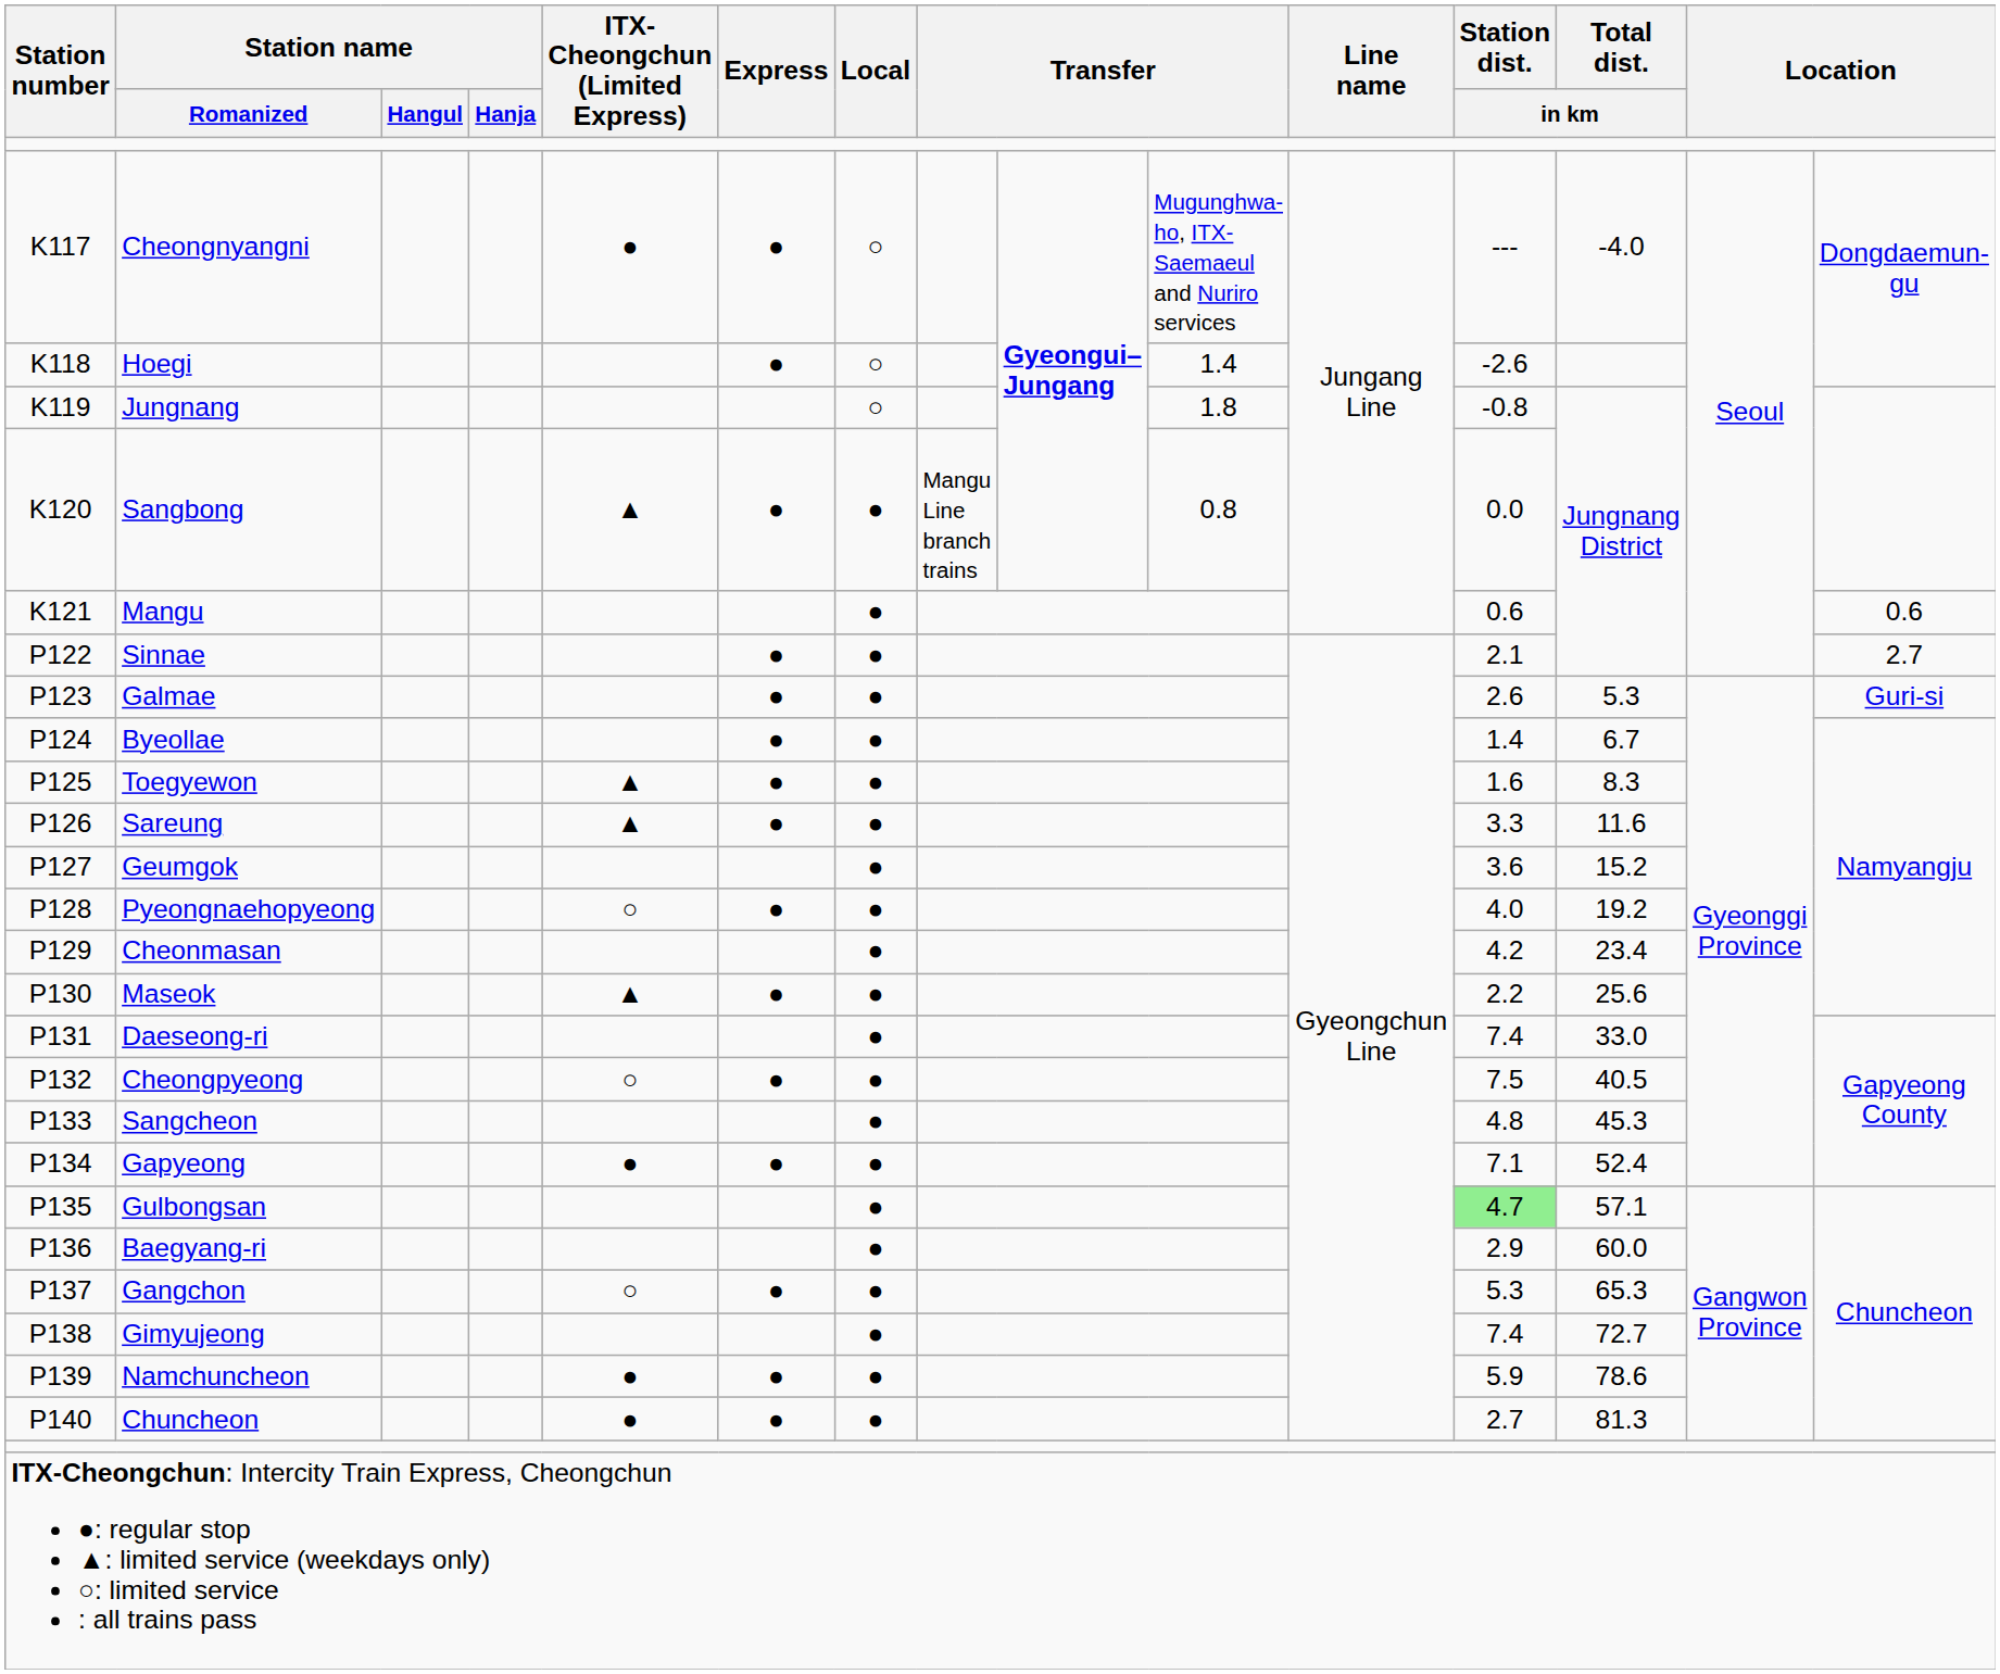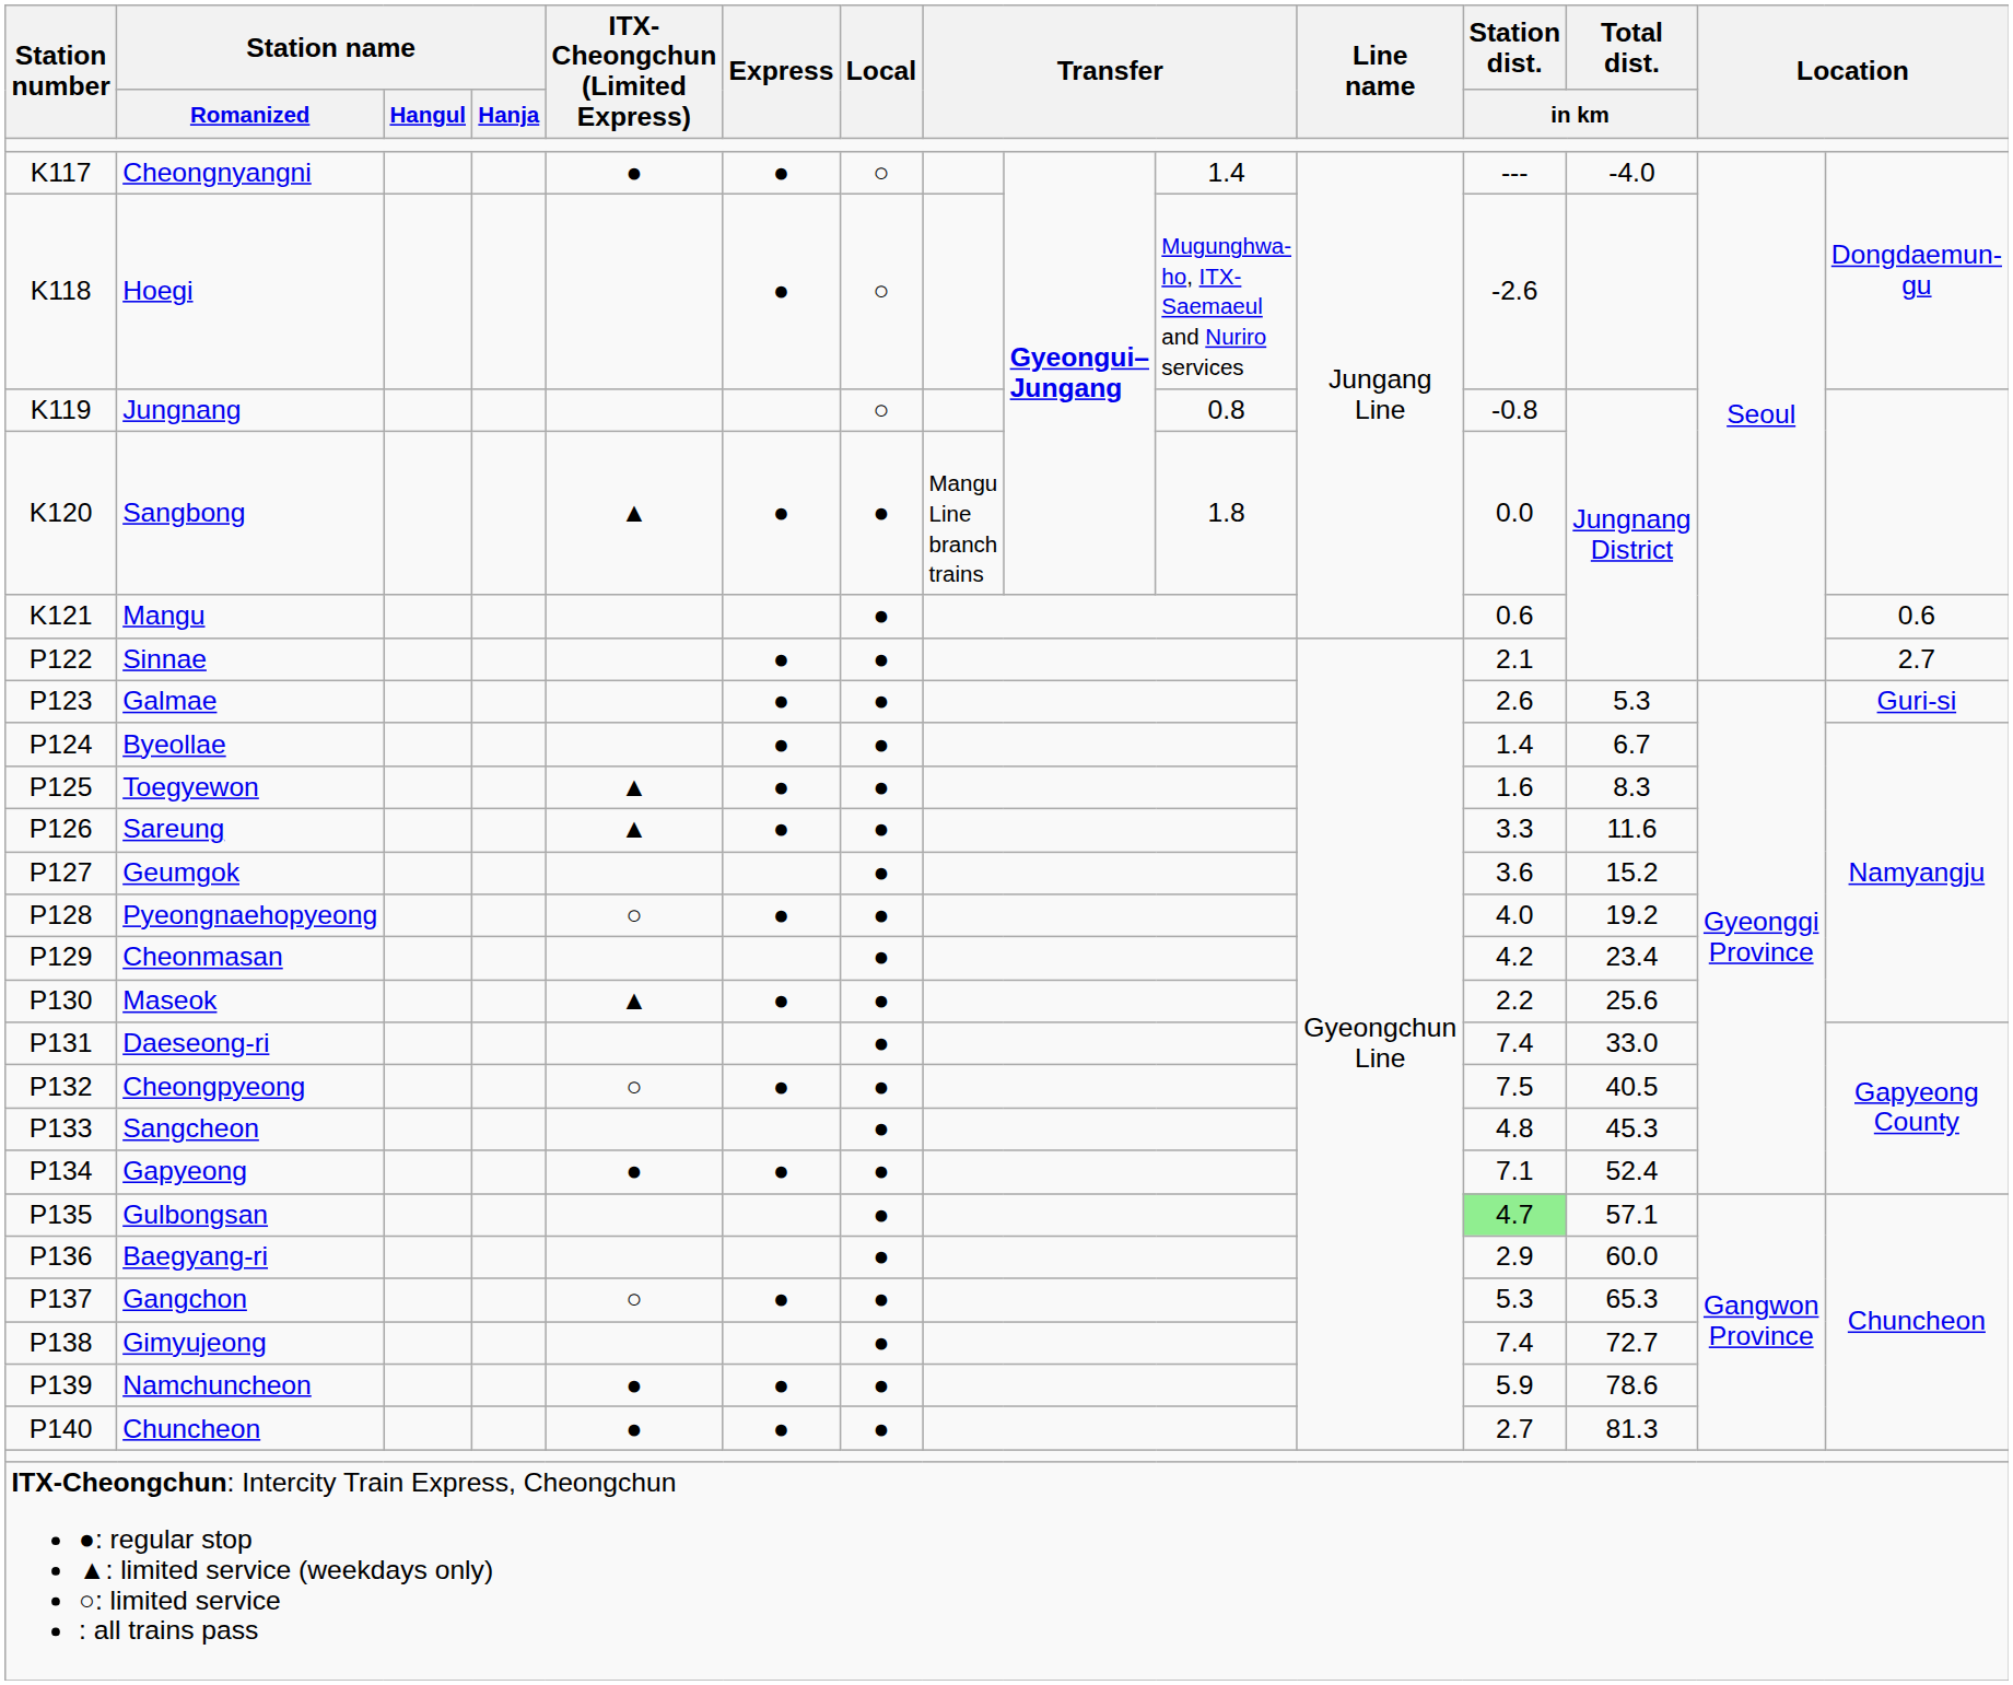 <table class="wikitable">
 <tr>
 <th rowspan="2">Station<br>number</th>
 <th colspan="3">Station name</th>
 <th rowspan="2"><span>ITX-Cheongchun</span> (Limited Express)</th>
 <th rowspan="2"><span>Express</span></th>
 <th rowspan="2">Local</th>
 <th rowspan="2" colspan="3">Transfer</th>
 <th rowspan="2">Line <br>name</th>
 <th>Station<br>dist.</th>
 <th>Total<br>dist.</th>
 <th colspan="2" rowspan="2">Location</th>
 </tr>
 <tr>
 <th><small><a href='#'>Romanized</a></small></th>
 <th><small><a href='#'>Hangul</a></small></th>
 <th><small><a href='#'>Hanja</a></small></th>
 <th colspan="2"><small>in km</small></th>
 </tr>
 <tr style="background:#">
 <td colspan = "15"></td>
 </tr>
 <tr>
 <td style="text-align: center;">K117</td>
 <td><a href='#'>Cheongnyangni</a></td>
 <td></td>
 <td></td>
 <td style="text-align:center;">●</td>
 <td style="text-align:center;">●</td>
 <td style="text-align:center;">○</td>
 <td style="color:white;background-color:#"></td>
 <td rowspan="4" style="width:60px;"><strong><a href='#'>Gyeongui–Jungang</a></strong><br></td>
-<td>  <br> <small><a href='#'>Mugunghwa-ho</a>, <a href='#'>ITX-Saemaeul</a> and <a href='#'>Nuriro</a> services</small><br></td>
+<td style="text-align: center;">1.4</td>
 <td rowspan=5 style="text-align: center;">Jungang<br>Line</td>
 <td style="text-align: center;">---</td>
 <td style="text-align: center;">-4.0</td>
 <td rowspan="6" style="text-align:center;"><a href='#'>Seoul</a></td>
 <td rowspan="2" style="text-align:center;"><a href='#'>Dongdaemun-gu</a></td>
 </tr>
 <tr>
 <td style="text-align: center;">K118</td>
 <td><a href='#'>Hoegi</a></td>
 <td></td>
 <td></td>
 <td style="text-align:center;"></td>
 <td style="text-align:center;">●</td>
 <td style="text-align:center;">○</td>
 <td></td>
-<td style="text-align: center;">1.4</td>
+<td>  <br> <small><a href='#'>Mugunghwa-ho</a>, <a href='#'>ITX-Saemaeul</a> and <a href='#'>Nuriro</a> services</small><br></td>
 <td style="text-align: center;">-2.6</td>
 </tr>
 <tr>
 <td style="text-align: center;">K119</td>
 <td><a href='#'>Jungnang</a></td>
 <td></td>
 <td></td>
 <td style="text-align:center;"></td>
 <td style="text-align:center;"></td>
 <td style="text-align:center;">○</td>
 <td></td>
-<td style="text-align: center;">1.8</td>
+<td style="text-align: center;">0.8</td>
 <td style="text-align: center;">-0.8</td>
 <td rowspan="4" style="text-align:center;"><a href='#'>Jungnang District</a></td>
 </tr>
 <tr>
 <td style="text-align: center;">K120</td>
 <td><a href='#'>Sangbong</a></td>
 <td></td>
 <td></td>
 <td style="text-align:center;">▲</td>
 <td style="text-align:center;">●</td>
 <td style="text-align:center;">●</td>
 <td> <br><small>Mangu Line branch trains</small><br></td>
-<td style="text-align: center;">0.8</td>
+<td style="text-align: center;">1.8</td>
 <td style="text-align: center;">0.0</td>
 </tr>
 <tr>
 <td style="text-align: center;">K121</td>
 <td><a href='#'>Mangu</a></td>
 <td></td>
 <td></td>
 <td style="text-align:center;"></td>
 <td style="text-align:center;"></td>
 <td style="text-align:center;">●</td>
 <td colspan="3"></td>
 <td style="text-align: center;">0.6</td>
 <td style="text-align: center;">0.6</td>
 </tr>
 <tr>
 <td style="text-align: center;">P122</td>
 <td><a href='#'>Sinnae</a></td>
 <td></td>
 <td></td>
 <td style="text-align:center;"></td>
 <td style="text-align:center;">●</td>
 <td style="text-align:center;">●</td>
 <td colspan="3"></td>
 <td rowspan = "19" style="text-align: center;">Gyeongchun<br>Line</td>
 <td style="text-align: center;">2.1</td>
 <td style="text-align: center;">2.7</td>
 </tr>
 <tr>
 <td style="text-align: center;">P123</td>
 <td><a href='#'>Galmae</a></td>
 <td></td>
 <td></td>
 <td style="text-align:center;"></td>
 <td style="text-align:center;">●</td>
 <td style="text-align:center;">●</td>
 <td colspan="3"></td>
 <td style="text-align: center;">2.6</td>
 <td style="text-align: center;">5.3</td>
 <td rowspan = "12" style="text-align: center;"><a href='#'>Gyeonggi Province</a></td>
 <td style="text-align: center;"><a href='#'>Guri-si</a></td>
 </tr>
 <tr>
 <td style="text-align: center;">P124</td>
 <td><a href='#'>Byeollae</a></td>
 <td></td>
 <td></td>
 <td style="text-align:center;"></td>
 <td style="text-align:center;">●</td>
 <td style="text-align:center;">●</td>
 <td colspan="3"></td>
 <td style="text-align: center;">1.4</td>
 <td style="text-align: center;">6.7</td>
 <td rowspan = "7" style="text-align: center;"><a href='#'>Namyangju</a></td>
 </tr>
 <tr>
 <td style="text-align: center;">P125</td>
 <td><a href='#'>Toegyewon</a></td>
 <td></td>
 <td></td>
 <td style="text-align:center;">▲</td>
 <td style="text-align:center;">●</td>
 <td style="text-align:center;">●</td>
 <td colspan="3"></td>
 <td style="text-align: center;">1.6</td>
 <td style="text-align: center;">8.3</td>
 </tr>
 <tr>
 <td style="text-align: center;">P126</td>
 <td><a href='#'>Sareung</a></td>
 <td></td>
 <td></td>
 <td style="text-align:center;">▲</td>
 <td style="text-align:center;">●</td>
 <td style="text-align:center;">●</td>
 <td colspan="3"></td>
 <td style="text-align: center;">3.3</td>
 <td style="text-align: center;">11.6</td>
 </tr>
 <tr>
 <td style="text-align: center;">P127</td>
 <td><a href='#'>Geumgok</a></td>
 <td></td>
 <td></td>
 <td style="text-align:center;"></td>
 <td style="text-align:center;"></td>
 <td style="text-align:center;">●</td>
 <td colspan="3"></td>
 <td style="text-align: center;">3.6</td>
 <td style="text-align: center;">15.2</td>
 </tr>
 <tr>
 <td style="text-align: center;">P128</td>
 <td><a href='#'>Pyeongnaehopyeong</a></td>
 <td></td>
 <td></td>
 <td style="text-align:center;">○</td>
 <td style="text-align:center;">●</td>
 <td style="text-align:center;">●</td>
 <td colspan="3"></td>
 <td style="text-align: center;">4.0</td>
 <td style="text-align: center;">19.2</td>
 </tr>
 <tr>
 <td style="text-align: center;">P129</td>
 <td><a href='#'>Cheonmasan</a></td>
 <td></td>
 <td></td>
 <td style="text-align:center;"></td>
 <td style="text-align:center;"></td>
 <td style="text-align:center;">●</td>
 <td colspan="3"></td>
 <td style="text-align: center;">4.2</td>
 <td style="text-align: center;">23.4</td>
 </tr>
 <tr>
 <td style="text-align: center;">P130</td>
 <td><a href='#'>Maseok</a></td>
 <td></td>
 <td></td>
 <td style="text-align:center;">▲</td>
 <td style="text-align:center;">●</td>
 <td style="text-align:center;">●</td>
 <td colspan="3"></td>
 <td style="text-align: center;">2.2</td>
 <td style="text-align: center;">25.6</td>
 </tr>
 <tr>
 <td style="text-align: center;">P131</td>
 <td><a href='#'>Daeseong-ri</a></td>
 <td></td>
 <td></td>
 <td style="text-align:center;"></td>
 <td style="text-align:center;"></td>
 <td style="text-align:center;">●</td>
 <td colspan="3"></td>
 <td style="text-align: center;">7.4</td>
 <td style="text-align: center;">33.0</td>
 <td rowspan = "4" style="text-align: center;"><a href='#'>Gapyeong County</a></td>
 </tr>
 <tr>
 <td style="text-align: center;">P132</td>
 <td><a href='#'>Cheongpyeong</a></td>
 <td></td>
 <td></td>
 <td style="text-align:center;">○</td>
 <td style="text-align:center;">●</td>
 <td style="text-align:center;">●</td>
 <td colspan="3"></td>
 <td style="text-align: center;">7.5</td>
 <td style="text-align: center;">40.5</td>
 </tr>
 <tr>
 <td style="text-align: center;">P133</td>
 <td><a href='#'>Sangcheon</a></td>
 <td></td>
 <td></td>
 <td style="text-align:center;"></td>
 <td style="text-align:center;"></td>
 <td style="text-align:center;">●</td>
 <td colspan="3"></td>
 <td style="text-align: center;">4.8</td>
 <td style="text-align: center;">45.3</td>
 </tr>
 <tr>
 <td style="text-align: center;">P134</td>
 <td><a href='#'>Gapyeong</a></td>
 <td></td>
 <td></td>
 <td style="text-align:center;">●</td>
 <td style="text-align:center;">●</td>
 <td style="text-align:center;">●</td>
 <td colspan="3"></td>
 <td style="text-align: center;">7.1</td>
 <td style="text-align: center;">52.4</td>
 </tr>
 <tr>
 <td style="text-align: center;">P135</td>
 <td><a href='#'>Gulbongsan</a></td>
 <td></td>
 <td></td>
 <td style="text-align:center;"></td>
 <td style="text-align:center;"></td>
 <td style="text-align:center;">●</td>
 <td colspan="3"></td>
 <td style="background: lightgreen; text-align: center;">4.7</td>
 <td style="text-align: center;">57.1</td>
 <td rowspan = "6" style="text-align: center;"><a href='#'>Gangwon Province</a></td>
 <td rowspan = "6" style="text-align: center;"><a href='#'>Chuncheon</a></td>
 </tr>
 <tr>
 <td style="text-align: center;">P136</td>
 <td><a href='#'>Baegyang-ri</a></td>
 <td></td>
 <td></td>
 <td style="text-align:center;"></td>
 <td style="text-align:center;"></td>
 <td style="text-align:center;">●</td>
 <td colspan="3"></td>
 <td style="text-align: center;">2.9</td>
 <td style="text-align: center;">60.0</td>
 </tr>
 <tr>
 <td style="text-align: center;">P137</td>
 <td><a href='#'>Gangchon</a></td>
 <td></td>
 <td></td>
 <td style="text-align:center;">○</td>
 <td style="text-align:center;">●</td>
 <td style="text-align:center;">●</td>
 <td colspan="3"></td>
 <td style="text-align: center;">5.3</td>
 <td style="text-align: center;">65.3</td>
 </tr>
 <tr>
 <td style="text-align: center;">P138</td>
 <td><a href='#'>Gimyujeong</a></td>
 <td></td>
 <td></td>
 <td style="text-align:center;"></td>
 <td style="text-align:center;"></td>
 <td style="text-align:center;">●</td>
 <td colspan="3"></td>
 <td style="text-align: center;">7.4</td>
 <td style="text-align: center;">72.7</td>
 </tr>
 <tr>
 <td style="text-align: center;">P139</td>
 <td><a href='#'>Namchuncheon</a></td>
 <td></td>
 <td></td>
 <td style="text-align:center;">●</td>
 <td style="text-align:center;">●</td>
 <td style="text-align:center;">●</td>
 <td colspan="3"></td>
 <td style="text-align: center;">5.9</td>
 <td style="text-align: center;">78.6</td>
 </tr>
 <tr>
 <td style="text-align: center;">P140</td>
 <td><a href='#'>Chuncheon</a></td>
 <td></td>
 <td></td>
 <td style="text-align:center;">●</td>
 <td style="text-align:center;">●</td>
 <td style="text-align:center;">●</td>
 <td colspan="3"></td>
 <td style="text-align: center;">2.7</td>
 <td style="text-align: center;">81.3</td>
 </tr>
 <tr style="background:#">
 <td colspan = "15"></td>
 </tr>
 <tr>
 <td colspan = "15"><span><strong>ITX-Cheongchun</strong></span>: Intercity Train Express, Cheongchun<br><ul><li>●: regular stop</li><li>▲: limited service (weekdays only)</li><li>○: limited service</li><li> : all trains pass</li></ul></td>
 </tr>
 </table>
